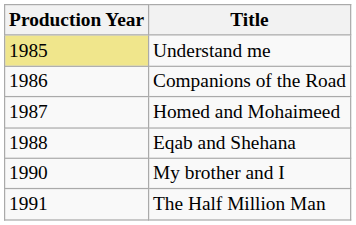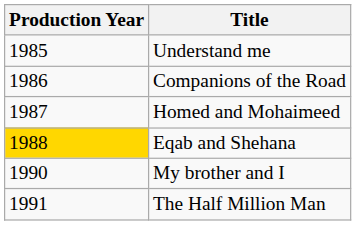 <table class="wikitable">
 <tr>
 <th>Production Year</th>
 <th>Title</th>
 </tr>
 <tr>
-<td style="background: khaki;">1985</td>
+<td>1985</td>
 <td>Understand me</td>
 </tr>
 <tr>
 <td>1986</td>
 <td>Companions of the Road</td>
 </tr>
 <tr>
 <td>1987</td>
 <td>Homed and Mohaimeed</td>
 </tr>
 <tr>
-<td>1988</td>
+<td style="background: gold;">1988</td>
 <td>Eqab and Shehana</td>
 </tr>
 <tr>
 <td>1990</td>
 <td>My brother and I</td>
 </tr>
 <tr>
 <td>1991</td>
 <td>The Half Million Man</td>
 </tr>
 </table>
